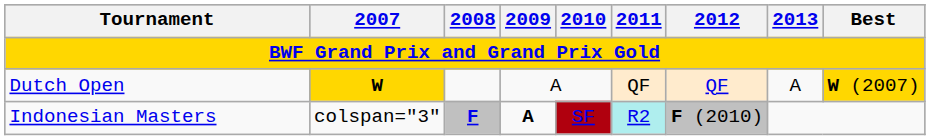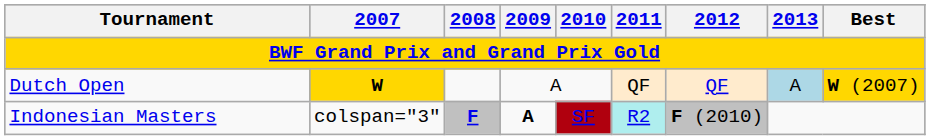 <table class="wikitable" style="font-size: 90%; text-align:center">
 <tr>
 <th width=180>Tournament</th>
 <th><a href='#'>2007</a></th>
 <th><a href='#'>2008</a></th>
 <th><a href='#'>2009</a></th>
 <th><a href='#'>2010</a></th>
 <th><a href='#'>2011</a></th>
 <th><a href='#'>2012</a></th>
 <th><a href='#'>2013</a></th>
 <th>Best</th>
 </tr>
 <tr bgcolor=FFD700>
 <td colspan=20 align=center><strong><a href='#'>BWF Grand Prix and Grand Prix Gold</a></strong></td>
 </tr>
 <tr>
 <td align=left> <a href='#'>Dutch Open</a></td>
 <td bgcolor=Gold><strong>W</strong></td>
 <td></td>
 <td colspan="2">A</td>
 <td bgcolor=FFEBCD>QF</td>
 <td bgcolor=FFEBCD><a href='#'>QF</a></td>
-<td>A</td>
+<td style="background: lightblue;">A</td>
 <td bgcolor=Gold><strong>W</strong> (2007)</td>
 </tr>
 <tr>
 <td align=left> <a href='#'>Indonesian Masters</a></td>
 <td>colspan="3" </td>
 <td bgcolor=Silver><a href='#'><strong>F</strong></a></td>
 <td><strong>A</strong></td>
 <td bgcolor=Bronze><a href='#'>SF</a></td>
 <td bgcolor=AFEEEE><a href='#'>R2</a></td>
 <td bgcolor=Silver><strong>F</strong> (2010)</td>
 </tr>
 </table>
